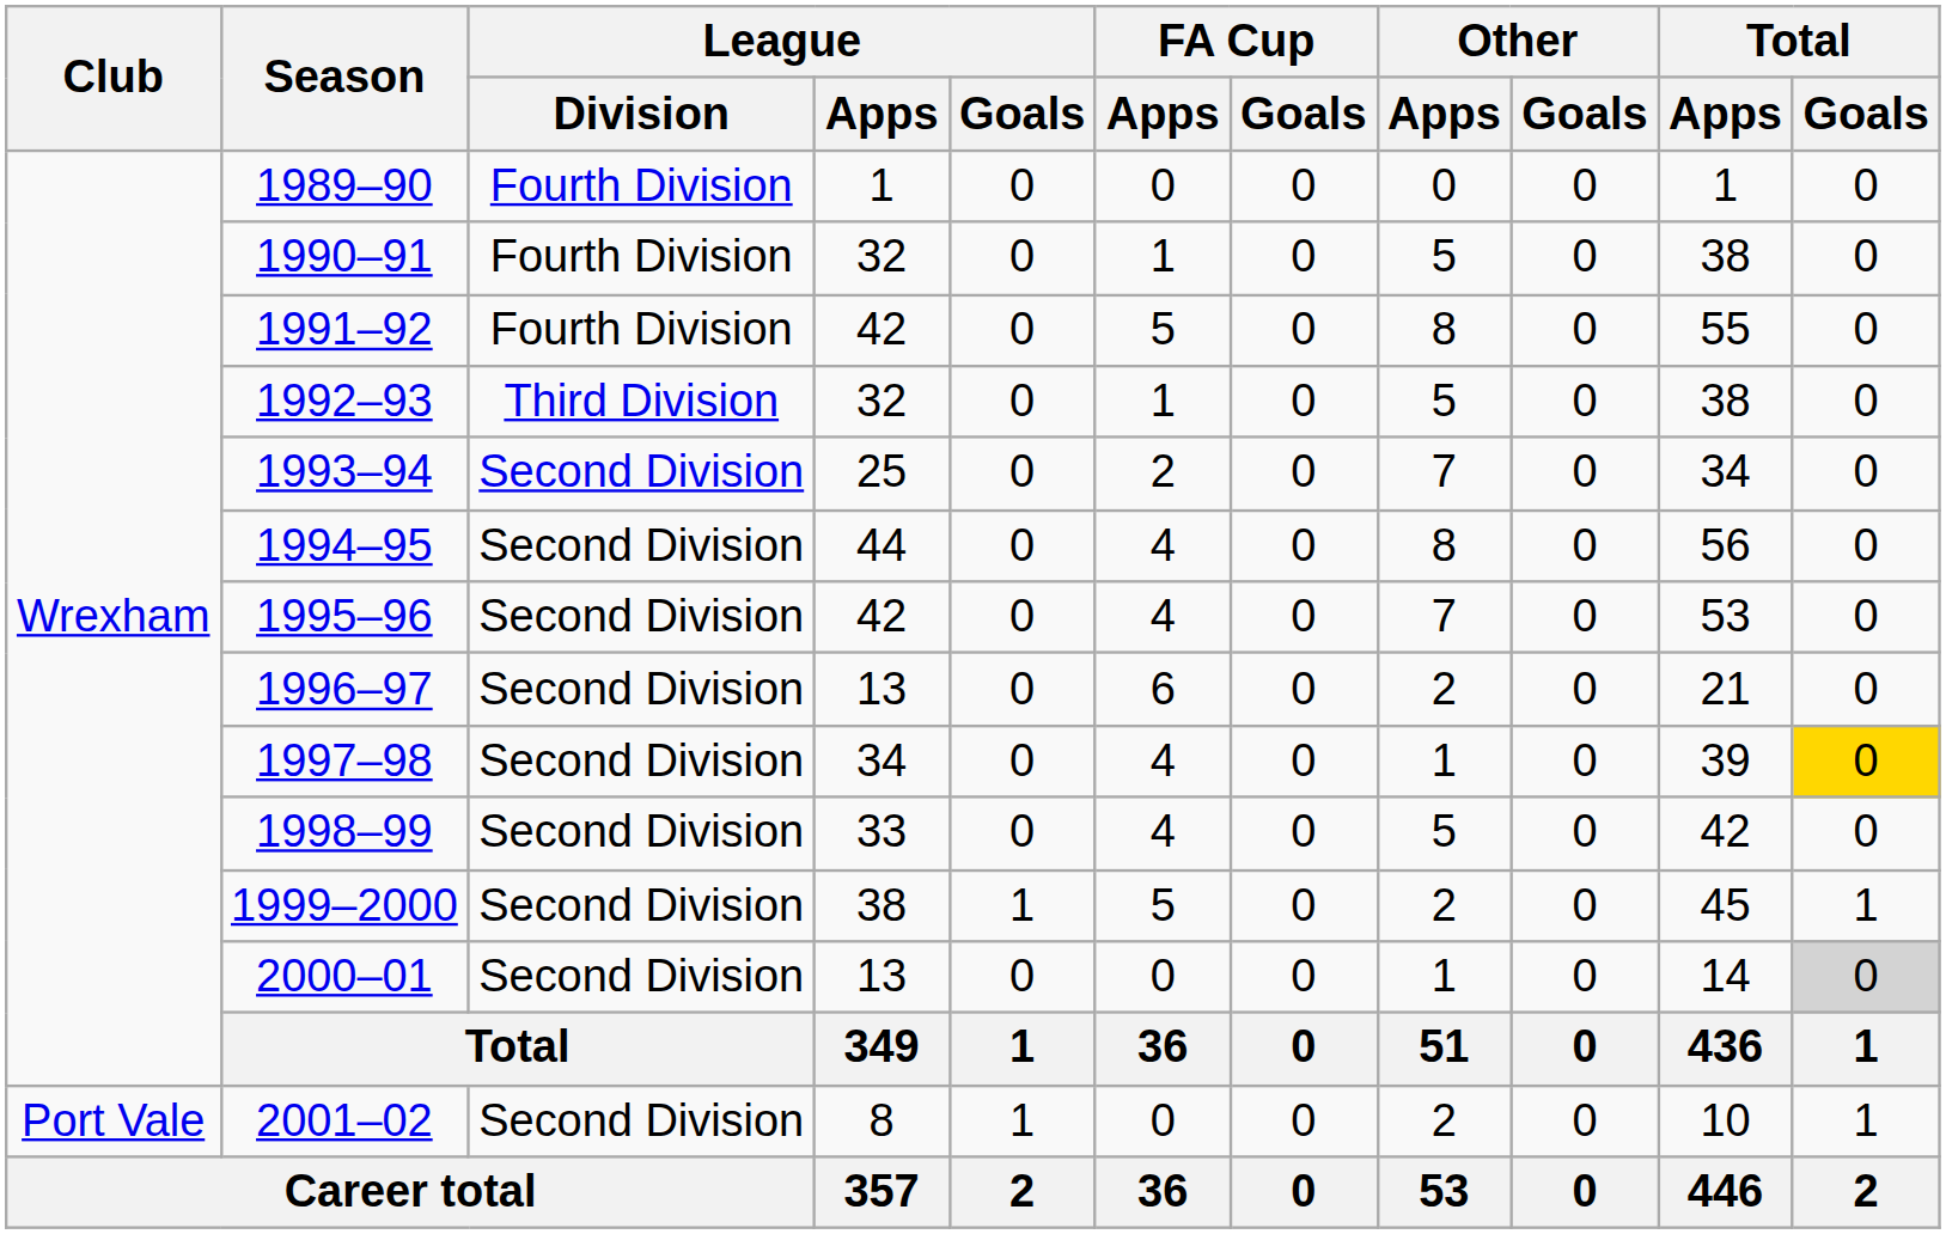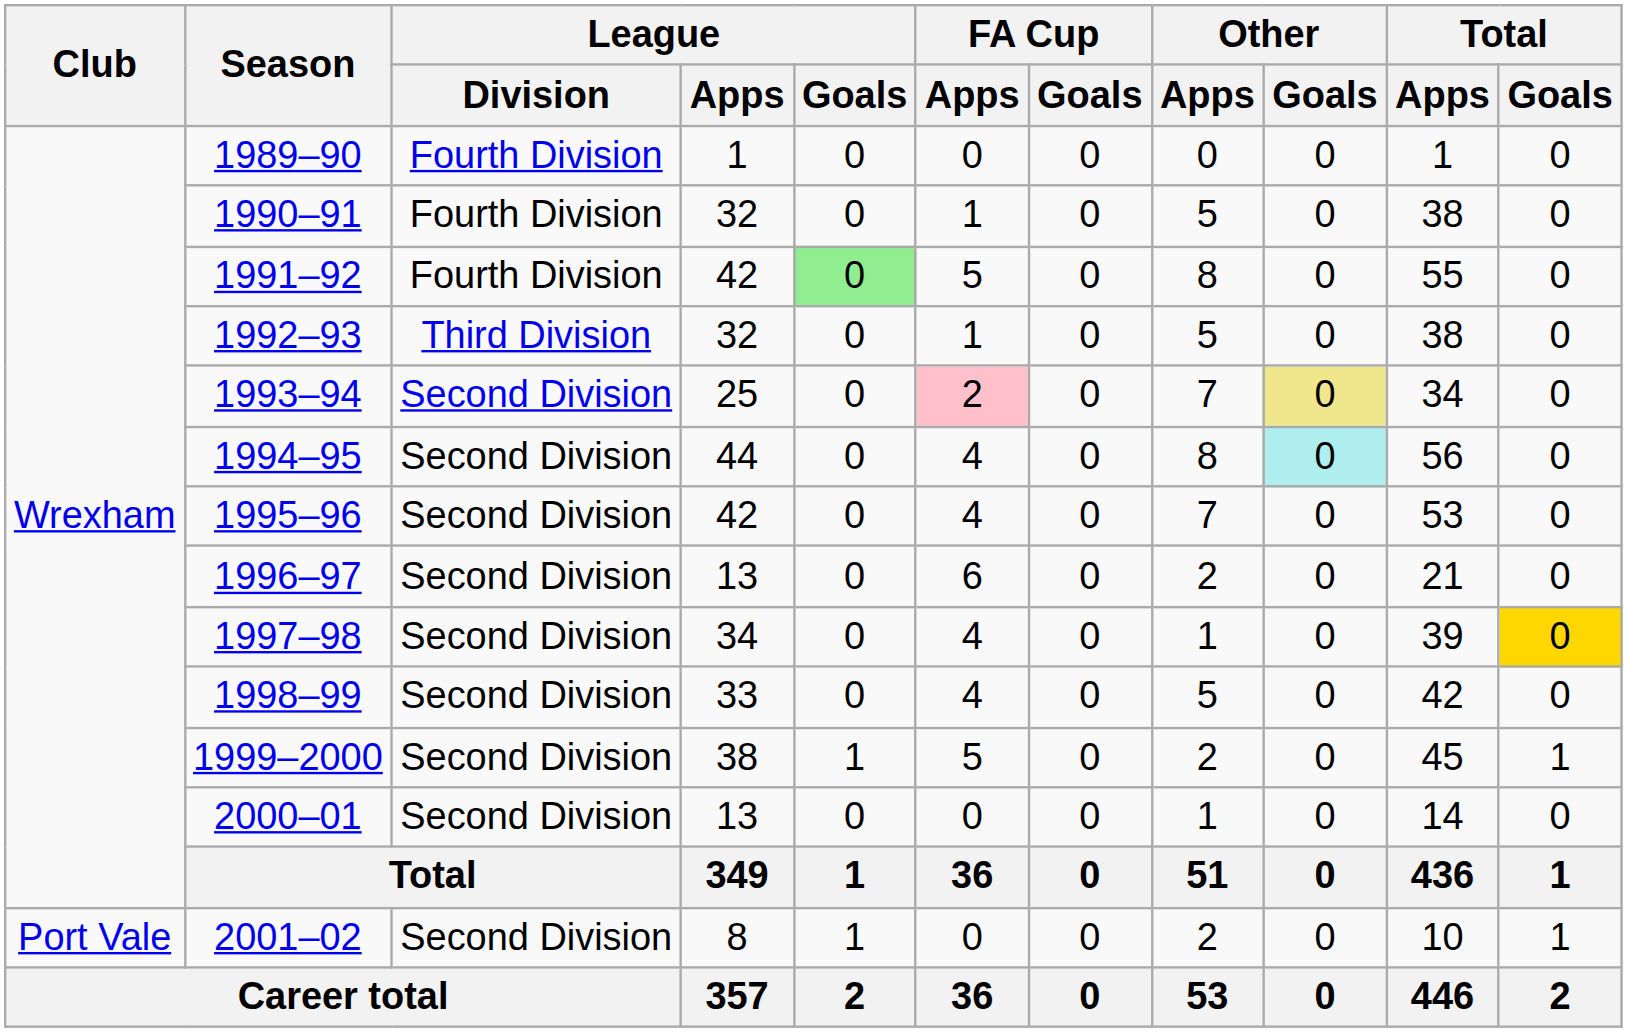 <table class="wikitable" style="text-align: center;">
 <tr>
 <th rowspan="2">Club</th>
 <th rowspan="2">Season</th>
 <th colspan="3">League</th>
 <th colspan="2">FA Cup</th>
 <th colspan="2">Other</th>
 <th colspan="2">Total</th>
 </tr>
 <tr>
 <th>Division</th>
 <th>Apps</th>
 <th>Goals</th>
 <th>Apps</th>
 <th>Goals</th>
 <th>Apps</th>
 <th>Goals</th>
 <th>Apps</th>
 <th>Goals</th>
 </tr>
 <tr>
 <td rowspan="13"><a href='#'>Wrexham</a></td>
 <td><a href='#'>1989–90</a></td>
 <td><a href='#'>Fourth Division</a></td>
 <td>1</td>
 <td>0</td>
 <td>0</td>
 <td>0</td>
 <td>0</td>
 <td>0</td>
 <td>1</td>
 <td>0</td>
 </tr>
 <tr>
 <td><a href='#'>1990–91</a></td>
 <td>Fourth Division</td>
 <td>32</td>
 <td>0</td>
 <td>1</td>
 <td>0</td>
 <td>5</td>
 <td>0</td>
 <td>38</td>
 <td>0</td>
 </tr>
 <tr>
 <td><a href='#'>1991–92</a></td>
 <td>Fourth Division</td>
 <td>42</td>
-<td>0</td>
+<td style="background: lightgreen;">0</td>
 <td>5</td>
 <td>0</td>
 <td>8</td>
 <td>0</td>
 <td>55</td>
 <td>0</td>
 </tr>
 <tr>
 <td><a href='#'>1992–93</a></td>
 <td><a href='#'>Third Division</a></td>
 <td>32</td>
 <td>0</td>
 <td>1</td>
 <td>0</td>
 <td>5</td>
 <td>0</td>
 <td>38</td>
 <td>0</td>
 </tr>
 <tr>
 <td><a href='#'>1993–94</a></td>
 <td><a href='#'>Second Division</a></td>
 <td>25</td>
 <td>0</td>
-<td>2</td>
+<td style="background: pink;">2</td>
 <td>0</td>
 <td>7</td>
-<td>0</td>
+<td style="background: khaki;">0</td>
 <td>34</td>
 <td>0</td>
 </tr>
 <tr>
 <td><a href='#'>1994–95</a></td>
 <td>Second Division</td>
 <td>44</td>
 <td>0</td>
 <td>4</td>
 <td>0</td>
 <td>8</td>
-<td>0</td>
+<td style="background: paleturquoise;">0</td>
 <td>56</td>
 <td>0</td>
 </tr>
 <tr>
 <td><a href='#'>1995–96</a></td>
 <td>Second Division</td>
 <td>42</td>
 <td>0</td>
 <td>4</td>
 <td>0</td>
 <td>7</td>
 <td>0</td>
 <td>53</td>
 <td>0</td>
 </tr>
 <tr>
 <td><a href='#'>1996–97</a></td>
 <td>Second Division</td>
 <td>13</td>
 <td>0</td>
 <td>6</td>
 <td>0</td>
 <td>2</td>
 <td>0</td>
 <td>21</td>
 <td>0</td>
 </tr>
 <tr>
 <td><a href='#'>1997–98</a></td>
 <td>Second Division</td>
 <td>34</td>
 <td>0</td>
 <td>4</td>
 <td>0</td>
 <td>1</td>
 <td>0</td>
 <td>39</td>
 <td style="background: gold;">0</td>
 </tr>
 <tr>
 <td><a href='#'>1998–99</a></td>
 <td>Second Division</td>
 <td>33</td>
 <td>0</td>
 <td>4</td>
 <td>0</td>
 <td>5</td>
 <td>0</td>
 <td>42</td>
 <td>0</td>
 </tr>
 <tr>
 <td><a href='#'>1999–2000</a></td>
 <td>Second Division</td>
 <td>38</td>
 <td>1</td>
 <td>5</td>
 <td>0</td>
 <td>2</td>
 <td>0</td>
 <td>45</td>
 <td>1</td>
 </tr>
 <tr>
 <td><a href='#'>2000–01</a></td>
 <td>Second Division</td>
 <td>13</td>
 <td>0</td>
 <td>0</td>
 <td>0</td>
 <td>1</td>
 <td>0</td>
 <td>14</td>
-<td style="background: lightgrey;">0</td>
+<td>0</td>
 </tr>
 <tr>
 <th colspan="2">Total</th>
 <th>349</th>
 <th>1</th>
 <th>36</th>
 <th>0</th>
 <th>51</th>
 <th>0</th>
 <th>436</th>
 <th>1</th>
 </tr>
 <tr>
 <td><a href='#'>Port Vale</a></td>
 <td><a href='#'>2001–02</a></td>
 <td>Second Division</td>
 <td>8</td>
 <td>1</td>
 <td>0</td>
 <td>0</td>
 <td>2</td>
 <td>0</td>
 <td>10</td>
 <td>1</td>
 </tr>
 <tr>
 <th colspan="3">Career total</th>
 <th>357</th>
 <th>2</th>
 <th>36</th>
 <th>0</th>
 <th>53</th>
 <th>0</th>
 <th>446</th>
 <th>2</th>
 </tr>
 </table>
